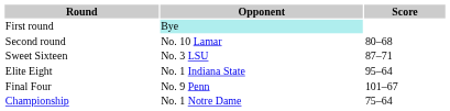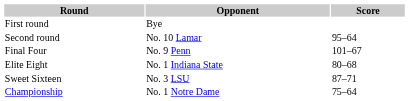 <table style="border:'1' 'solid' 'gray' " width="650px" align="left">
 <tr>
 <th bgcolor="#CCCCCC">Round</th>
 <th bgcolor="#CCCCCC">Opponent</th>
 <th bgcolor="#CCCCCC">Score</th>
 </tr>
 <tr>
 <td>First round</td>
-<td style="background: paleturquoise;">Bye</td>
+<td>Bye</td>
 <td></td>
 </tr>
 <tr>
 <td>Second round</td>
 <td>No. 10 <a href='#'>Lamar</a></td>
+<td>95–64</td>
+</tr>
+<tr>
+<td>Final Four</td>
+<td>No. 9 <a href='#'>Penn</a></td>
+<td>101–67</td>
+</tr>
+<tr>
+<td>Elite Eight</td>
+<td>No. 1 <a href='#'>Indiana State</a></td>
 <td>80–68</td>
 </tr>
 <tr>
 <td>Sweet Sixteen</td>
 <td>No. 3 <a href='#'>LSU</a></td>
 <td>87–71</td>
 </tr>
 <tr>
-<td>Elite Eight</td>
-<td>No. 1 <a href='#'>Indiana State</a></td>
-<td>95–64</td>
-</tr>
-<tr>
-<td>Final Four</td>
-<td>No. 9 <a href='#'>Penn</a></td>
-<td>101–67</td>
-</tr>
-<tr>
 <td><a href='#'>Championship</a></td>
 <td>No. 1 <a href='#'>Notre Dame</a></td>
 <td>75–64</td>
 </tr>
 </table>
